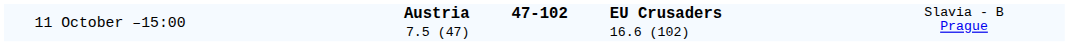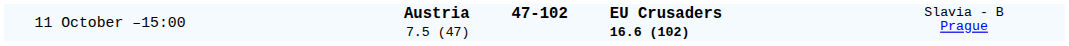 <table style="width: 100%; background:#F5FAFF;" cellspacing="0">
 <tr>
 <td style=font-size:95% align=center rowspan=3 width=20%>11 October –15:00</td>
 </tr>
 <tr>
 <td width=24% align=right><strong>Austria</strong> </td>
 <td align=center width=13%><strong>47-102</strong></td>
 <td width=24%> <strong>EU Crusaders</strong></td>
 <td style=font-size:85% rowspan=3 valign=top align=center>Slavia - B <br><a href='#'>Prague</a></td>
 </tr>
 <tr style=font-size:85%>
 <td align=right>7.5 (47)</td>
 <td align=center></td>
-<td>16.6 (102)</td>
+<td><strong>16.6 (102)</strong></td>
 </tr>
 </table>
